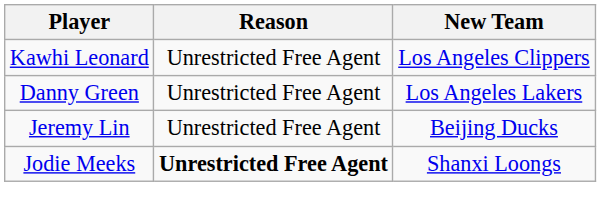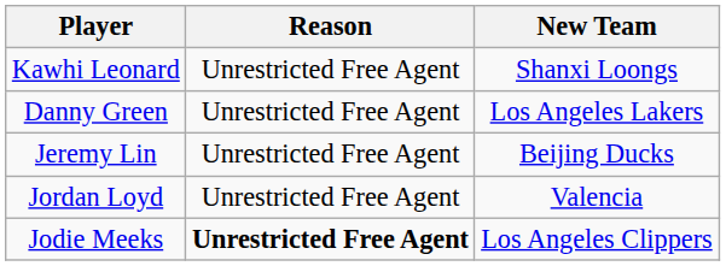 <table class="wikitable sortable sortable" style="text-align: center">
 <tr>
 <th>Player</th>
 <th>Reason</th>
 <th>New Team</th>
 </tr>
 <tr>
 <td><a href='#'>Kawhi Leonard</a></td>
 <td>Unrestricted Free Agent</td>
-<td><a href='#'>Los Angeles Clippers</a></td>
+<td><a href='#'>Shanxi Loongs</a></td>
 </tr>
 <tr>
 <td><a href='#'>Danny Green</a></td>
 <td>Unrestricted Free Agent</td>
 <td><a href='#'>Los Angeles Lakers</a></td>
 </tr>
 <tr>
 <td><a href='#'>Jeremy Lin</a></td>
 <td>Unrestricted Free Agent</td>
 <td><a href='#'>Beijing Ducks</a></td>
 </tr>
 <tr>
+<td><a href='#'>Jordan Loyd</a></td>
+<td>Unrestricted Free Agent</td>
+<td><a href='#'>Valencia</a></td>
+</tr>
+<tr>
 <td><a href='#'>Jodie Meeks</a></td>
 <td><strong>Unrestricted Free Agent</strong></td>
-<td><a href='#'>Shanxi Loongs</a></td>
+<td><a href='#'>Los Angeles Clippers</a></td>
 </tr>
 </table>
